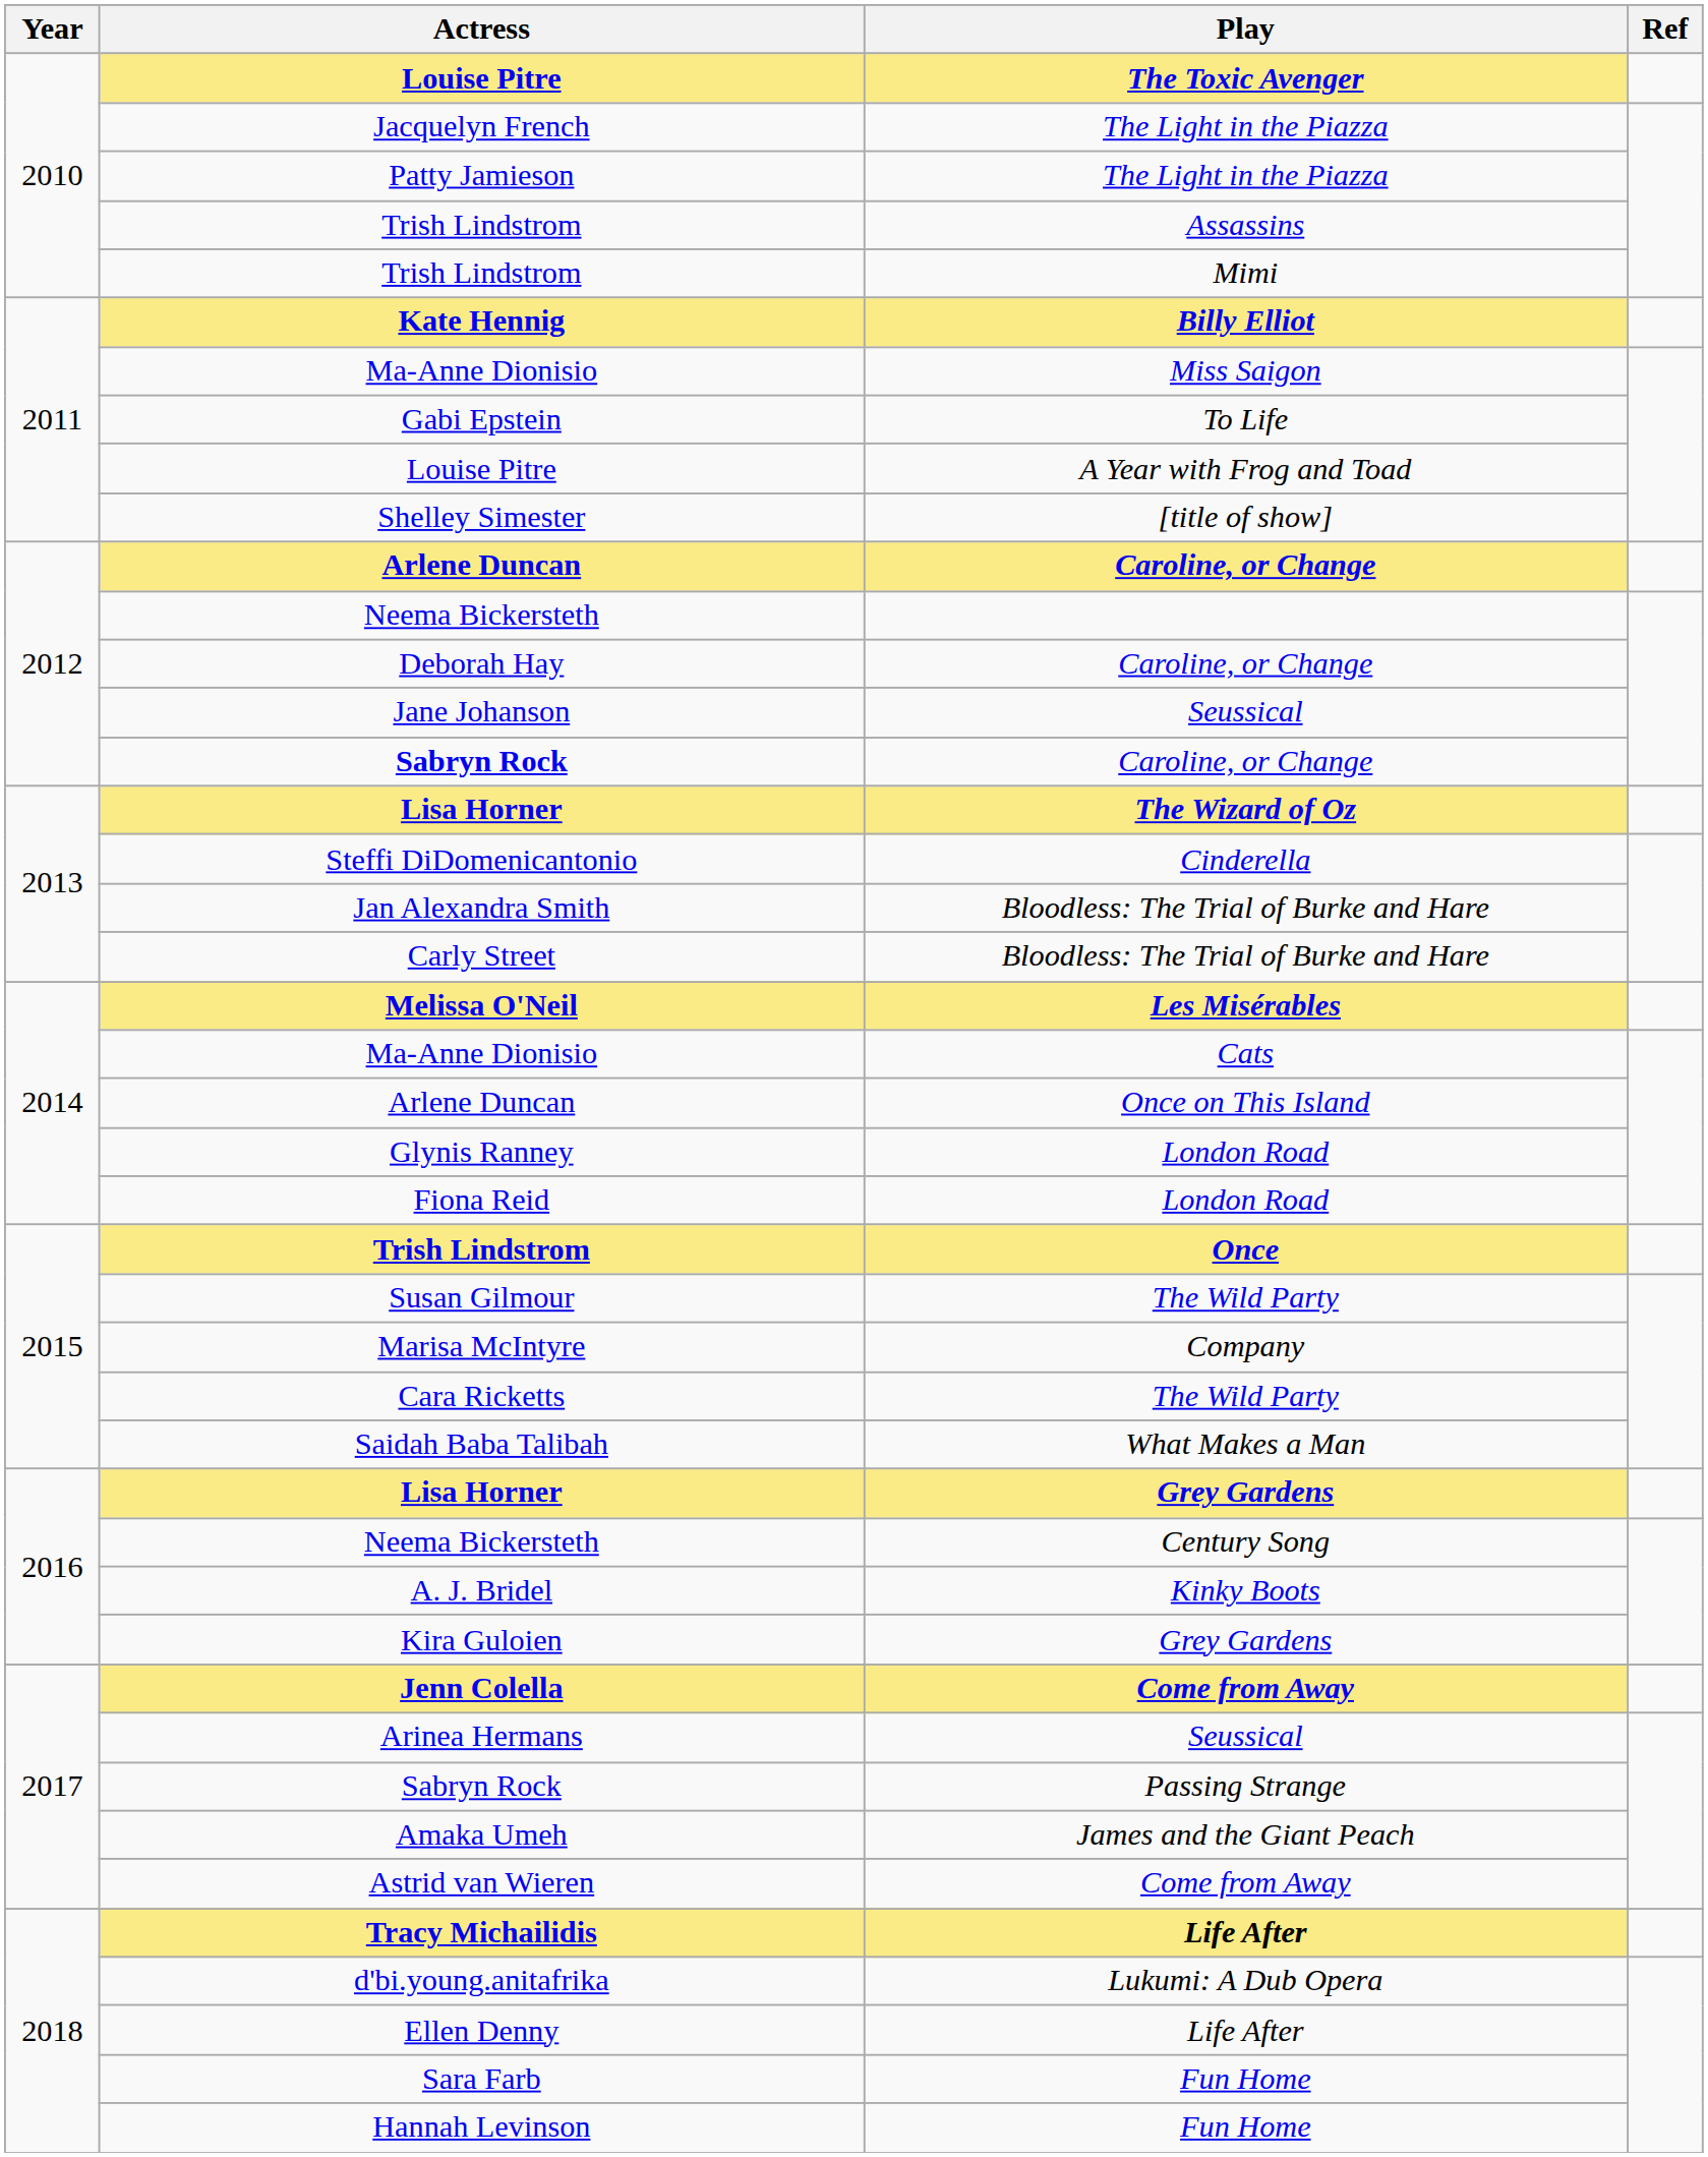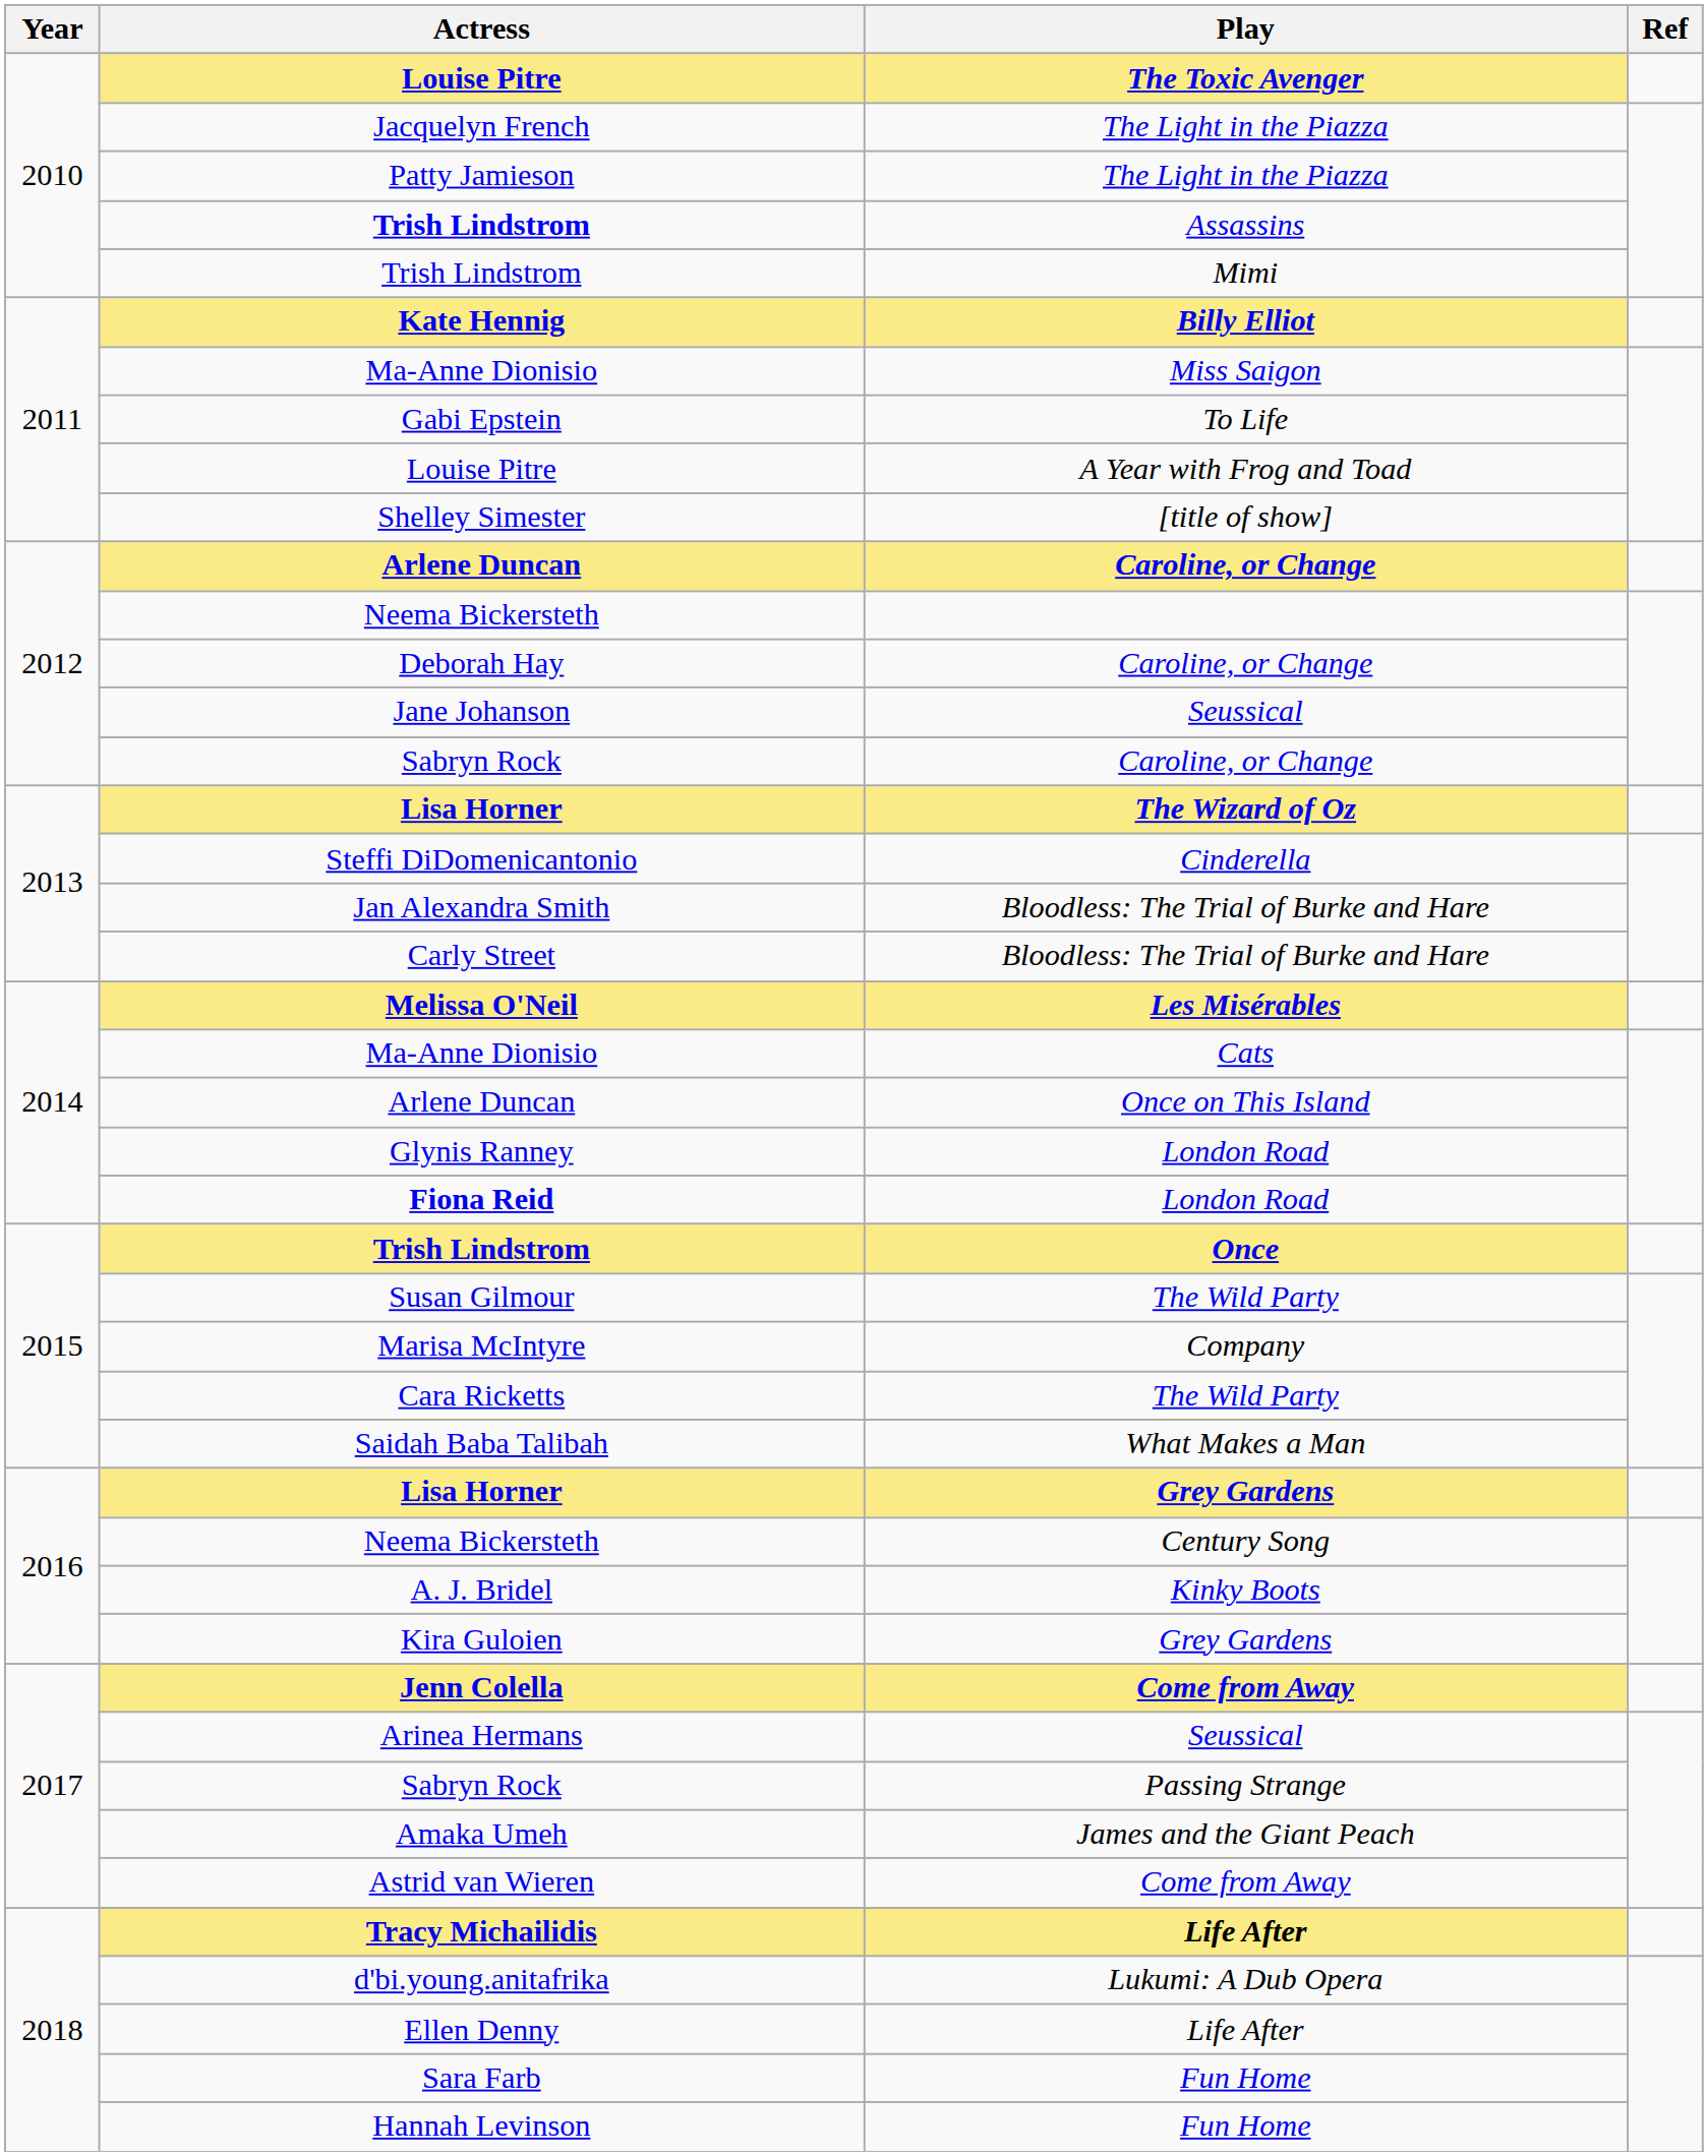 <table class="wikitable" width="100%" style="text-align:center;">
 <tr>
 <th>Year</th>
 <th width="45%">Actress</th>
 <th width="45%">Play</th>
 <th>Ref</th>
 </tr>
 <tr>
 <td rowspan=5>2010</td>
 <td style="background:#FAEB86"><strong><a href='#'>Louise Pitre</a></strong></td>
 <td style="background:#FAEB86"><strong><em><a href='#'>The Toxic Avenger</a></em></strong></td>
 <td></td>
 </tr>
 <tr>
 <td><a href='#'>Jacquelyn French</a></td>
 <td><em><a href='#'>The Light in the Piazza</a></em></td>
 <td rowspan=4></td>
 </tr>
 <tr>
 <td><a href='#'>Patty Jamieson</a></td>
 <td><em><a href='#'>The Light in the Piazza</a></em></td>
 </tr>
 <tr>
-<td><a href='#'>Trish Lindstrom</a></td>
+<td><strong><a href='#'>Trish Lindstrom</a></strong></td>
 <td><em><a href='#'>Assassins</a></em></td>
 </tr>
 <tr>
 <td><a href='#'>Trish Lindstrom</a></td>
 <td><em>Mimi</em></td>
 </tr>
 <tr>
 <td rowspan=5>2011</td>
 <td style="background:#FAEB86"><strong><a href='#'>Kate Hennig</a></strong></td>
 <td style="background:#FAEB86"><strong><em><a href='#'>Billy Elliot</a></em></strong></td>
 <td></td>
 </tr>
 <tr>
 <td><a href='#'>Ma-Anne Dionisio</a></td>
 <td><em><a href='#'>Miss Saigon</a></em></td>
 <td rowspan=4></td>
 </tr>
 <tr>
 <td><a href='#'>Gabi Epstein</a></td>
 <td><em>To Life</em></td>
 </tr>
 <tr>
 <td><a href='#'>Louise Pitre</a></td>
 <td><em>A Year with Frog and Toad</em></td>
 </tr>
 <tr>
 <td><a href='#'>Shelley Simester</a></td>
 <td><em>[title of show]</em></td>
 </tr>
 <tr>
 <td rowspan=5>2012</td>
 <td style="background:#FAEB86"><strong><a href='#'>Arlene Duncan</a></strong></td>
 <td style="background:#FAEB86"><strong><em><a href='#'>Caroline, or Change</a></em></strong></td>
 <td></td>
 </tr>
 <tr>
 <td><a href='#'>Neema Bickersteth</a></td>
 <td></td>
 <td rowspan=4></td>
 </tr>
 <tr>
 <td><a href='#'>Deborah Hay</a></td>
 <td><em><a href='#'>Caroline, or Change</a></em></td>
 </tr>
 <tr>
 <td><a href='#'>Jane Johanson</a></td>
 <td><em><a href='#'>Seussical</a></em></td>
 </tr>
 <tr>
-<td><strong><a href='#'>Sabryn Rock</a></strong></td>
+<td><a href='#'>Sabryn Rock</a></td>
 <td><em><a href='#'>Caroline, or Change</a></em></td>
 </tr>
 <tr>
 <td rowspan=4>2013</td>
 <td style="background:#FAEB86"><strong><a href='#'>Lisa Horner</a></strong></td>
 <td style="background:#FAEB86"><strong><em><a href='#'>The Wizard of Oz</a></em></strong></td>
 <td></td>
 </tr>
 <tr>
 <td><a href='#'>Steffi DiDomenicantonio</a></td>
 <td><em><a href='#'>Cinderella</a></em></td>
 <td rowspan=3></td>
 </tr>
 <tr>
 <td><a href='#'>Jan Alexandra Smith</a></td>
 <td><em>Bloodless: The Trial of Burke and Hare</em></td>
 </tr>
 <tr>
 <td><a href='#'>Carly Street</a></td>
 <td><em>Bloodless: The Trial of Burke and Hare</em></td>
 </tr>
 <tr>
 <td rowspan=5>2014</td>
 <td style="background:#FAEB86"><strong><a href='#'>Melissa O'Neil</a></strong></td>
 <td style="background:#FAEB86"><strong><em><a href='#'>Les Misérables</a></em></strong></td>
 <td></td>
 </tr>
 <tr>
 <td><a href='#'>Ma-Anne Dionisio</a></td>
 <td><em><a href='#'>Cats</a></em></td>
 <td rowspan=4></td>
 </tr>
 <tr>
 <td><a href='#'>Arlene Duncan</a></td>
 <td><em><a href='#'>Once on This Island</a></em></td>
 </tr>
 <tr>
 <td><a href='#'>Glynis Ranney</a></td>
 <td><em><a href='#'>London Road</a></em></td>
 </tr>
 <tr>
-<td><a href='#'>Fiona Reid</a></td>
+<td><strong><a href='#'>Fiona Reid</a></strong></td>
 <td><em><a href='#'>London Road</a></em></td>
 </tr>
 <tr>
 <td rowspan=5>2015</td>
 <td style="background:#FAEB86"><strong><a href='#'>Trish Lindstrom</a></strong></td>
 <td style="background:#FAEB86"><strong><em><a href='#'>Once</a></em></strong></td>
 <td></td>
 </tr>
 <tr>
 <td><a href='#'>Susan Gilmour</a></td>
 <td><em><a href='#'>The Wild Party</a></em></td>
 <td rowspan=4></td>
 </tr>
 <tr>
 <td><a href='#'>Marisa McIntyre</a></td>
 <td><em>Company</em></td>
 </tr>
 <tr>
 <td><a href='#'>Cara Ricketts</a></td>
 <td><em><a href='#'>The Wild Party</a></em></td>
 </tr>
 <tr>
 <td><a href='#'>Saidah Baba Talibah</a></td>
 <td><em>What Makes a Man</em></td>
 </tr>
 <tr>
 <td rowspan=4>2016</td>
 <td style="background:#FAEB86"><strong><a href='#'>Lisa Horner</a></strong></td>
 <td style="background:#FAEB86"><strong><em><a href='#'>Grey Gardens</a></em></strong></td>
 <td></td>
 </tr>
 <tr>
 <td><a href='#'>Neema Bickersteth</a></td>
 <td><em>Century Song</em></td>
 <td rowspan=3></td>
 </tr>
 <tr>
 <td><a href='#'>A. J. Bridel</a></td>
 <td><em><a href='#'>Kinky Boots</a></em></td>
 </tr>
 <tr>
 <td><a href='#'>Kira Guloien</a></td>
 <td><em><a href='#'>Grey Gardens</a></em></td>
 </tr>
 <tr>
 <td rowspan=5>2017</td>
 <td style="background:#FAEB86"><strong><a href='#'>Jenn Colella</a></strong></td>
 <td style="background:#FAEB86"><strong><em><a href='#'>Come from Away</a></em></strong></td>
 <td></td>
 </tr>
 <tr>
 <td><a href='#'>Arinea Hermans</a></td>
 <td><em><a href='#'>Seussical</a></em></td>
 <td rowspan=4></td>
 </tr>
 <tr>
 <td><a href='#'>Sabryn Rock</a></td>
 <td><em>Passing Strange</em></td>
 </tr>
 <tr>
 <td><a href='#'>Amaka Umeh</a></td>
 <td><em>James and the Giant Peach</em></td>
 </tr>
 <tr>
 <td><a href='#'>Astrid van Wieren</a></td>
 <td><em><a href='#'>Come from Away</a></em></td>
 </tr>
 <tr>
 <td rowspan=5>2018</td>
 <td style="background:#FAEB86"><strong><a href='#'>Tracy Michailidis</a></strong></td>
 <td style="background:#FAEB86"><strong><em>Life After</em></strong></td>
 <td></td>
 </tr>
 <tr>
 <td><a href='#'>d'bi.young.anitafrika</a></td>
 <td><em>Lukumi: A Dub Opera</em></td>
 <td rowspan=4></td>
 </tr>
 <tr>
 <td><a href='#'>Ellen Denny</a></td>
 <td><em>Life After</em></td>
 </tr>
 <tr>
 <td><a href='#'>Sara Farb</a></td>
 <td><em><a href='#'>Fun Home</a></em></td>
 </tr>
 <tr>
 <td><a href='#'>Hannah Levinson</a></td>
 <td><em><a href='#'>Fun Home</a></em></td>
 </tr>
 </table>
